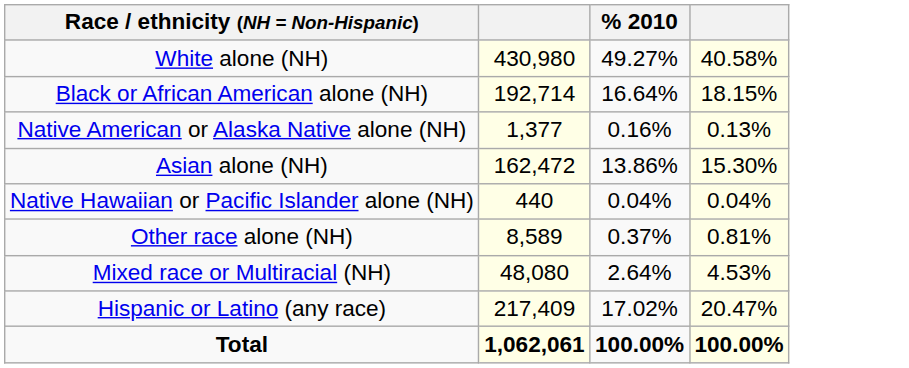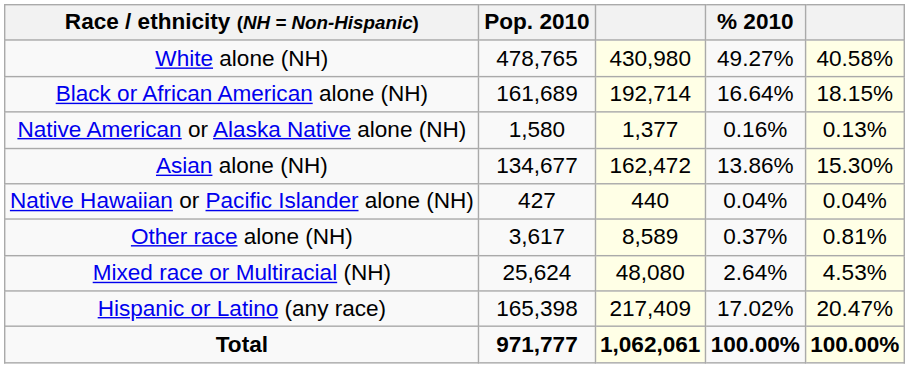 <table class="wikitable" style="text-align:center;">
 <tr>
 <th>Race / ethnicity <small>(<em>NH = Non-Hispanic</em>)</small></th>
+<th>Pop. 2010</th>
 <th></th>
 <th>% 2010</th>
 <th></th>
 </tr>
 <tr>
 <td><a href='#'>White</a> alone (NH)</td>
+<td>478,765</td>
 <td style='background: #ffffe6;'>430,980</td>
 <td>49.27%</td>
 <td style='background: #ffffe6;'>40.58%</td>
 </tr>
 <tr>
 <td><a href='#'>Black or African American</a> alone (NH)</td>
+<td>161,689</td>
 <td style='background: #ffffe6;'>192,714</td>
 <td>16.64%</td>
 <td style='background: #ffffe6;'>18.15%</td>
 </tr>
 <tr>
 <td><a href='#'>Native American</a> or <a href='#'>Alaska Native</a> alone (NH)</td>
+<td>1,580</td>
 <td style='background: #ffffe6;'>1,377</td>
 <td>0.16%</td>
 <td style='background: #ffffe6;'>0.13%</td>
 </tr>
 <tr>
 <td><a href='#'>Asian</a> alone (NH)</td>
+<td>134,677</td>
 <td style='background: #ffffe6;'>162,472</td>
 <td>13.86%</td>
 <td style='background: #ffffe6;'>15.30%</td>
 </tr>
 <tr>
 <td><a href='#'>Native Hawaiian</a> or <a href='#'>Pacific Islander</a> alone (NH)</td>
+<td>427</td>
 <td style='background: #ffffe6;'>440</td>
 <td>0.04%</td>
 <td style='background: #ffffe6;'>0.04%</td>
 </tr>
 <tr>
 <td><a href='#'>Other race</a> alone (NH)</td>
+<td>3,617</td>
 <td style='background: #ffffe6;'>8,589</td>
 <td>0.37%</td>
 <td style='background: #ffffe6;'>0.81%</td>
 </tr>
 <tr>
 <td><a href='#'>Mixed race or Multiracial</a> (NH)</td>
+<td>25,624</td>
 <td style='background: #ffffe6;'>48,080</td>
 <td>2.64%</td>
 <td style='background: #ffffe6;'>4.53%</td>
 </tr>
 <tr>
 <td><a href='#'>Hispanic or Latino</a> (any race)</td>
+<td>165,398</td>
 <td style='background: #ffffe6;'>217,409</td>
 <td>17.02%</td>
 <td style='background: #ffffe6;'>20.47%</td>
 </tr>
 <tr>
 <td><strong>Total</strong></td>
+<td><strong>971,777</strong></td>
 <td style='background: #ffffe6;'><strong>1,062,061</strong></td>
 <td><strong>100.00%</strong></td>
 <td style='background: #ffffe6;'><strong>100.00%</strong></td>
 </tr>
 </table>
